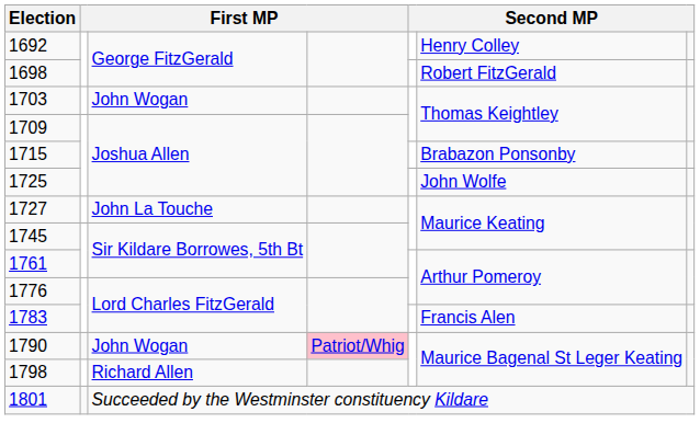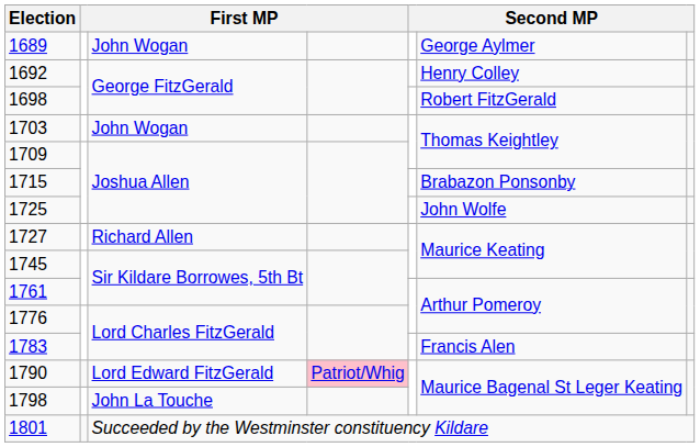 <table class="wikitable">
 <tr>
 <th>Election</th>
 <th colspan=3>First MP</th>
 <th colspan=3>Second MP</th>
+</tr>
+<tr>
+<td><a href='#'>1689</a></td>
+<td style="background-color: white"></td>
+<td><a href='#'>John Wogan</a></td>
+<td></td>
+<td style="background-color: white"></td>
+<td><a href='#'>George Aylmer</a></td>
+<td></td>
 </tr>
 <tr>
 <td>1692</td>
 <td rowspan="2" style="background-color: white"></td>
 <td rowspan="2"><a href='#'>George FitzGerald</a></td>
 <td rowspan="2"></td>
 <td style="background-color: white"></td>
 <td><a href='#'>Henry Colley</a></td>
 <td></td>
 </tr>
 <tr>
 <td>1698</td>
 <td style="background-color: white"></td>
 <td><a href='#'>Robert FitzGerald</a></td>
 <td></td>
 </tr>
 <tr>
 <td>1703</td>
 <td style="background-color: white"></td>
 <td><a href='#'>John Wogan</a></td>
 <td></td>
 <td rowspan="2" style="background-color: white"></td>
 <td rowspan="2"><a href='#'>Thomas Keightley</a></td>
 <td rowspan="2"></td>
 </tr>
 <tr>
 <td>1709</td>
 <td rowspan="3" style="background-color: white"></td>
 <td rowspan="3"><a href='#'>Joshua Allen</a></td>
 <td rowspan="3"></td>
 </tr>
 <tr>
 <td>1715</td>
 <td style="background-color: white"></td>
 <td><a href='#'>Brabazon Ponsonby</a></td>
 <td></td>
 </tr>
 <tr>
 <td>1725</td>
 <td style="background-color: white"></td>
 <td><a href='#'>John Wolfe</a></td>
 <td></td>
 </tr>
 <tr>
 <td>1727</td>
 <td style="background-color: white"></td>
-<td><a href='#'>John La Touche</a></td>
+<td><a href='#'>Richard Allen</a></td>
 <td></td>
 <td rowspan="2" style="background-color: white"></td>
 <td rowspan="2"><a href='#'>Maurice Keating</a></td>
 <td rowspan="2"></td>
 </tr>
 <tr>
 <td>1745</td>
 <td rowspan="2" style="background-color: white"></td>
 <td rowspan="2"><a href='#'>Sir Kildare Borrowes, 5th Bt</a></td>
 <td rowspan="2"></td>
 </tr>
 <tr>
 <td><a href='#'>1761</a></td>
 <td rowspan="2" style="background-color: white"></td>
 <td rowspan="2"><a href='#'>Arthur Pomeroy</a></td>
 <td rowspan="2"></td>
 </tr>
 <tr>
 <td>1776</td>
 <td rowspan="2" style="background-color: white"></td>
 <td rowspan="2"><a href='#'>Lord Charles FitzGerald</a></td>
 <td rowspan="2"></td>
 </tr>
 <tr>
 <td><a href='#'>1783</a></td>
 <td style="background-color: white"></td>
 <td><a href='#'>Francis Alen</a></td>
 <td></td>
 </tr>
 <tr>
 <td>1790</td>
 <td style="background-color: "></td>
-<td><a href='#'>John Wogan</a></td>
+<td><a href='#'>Lord Edward FitzGerald</a></td>
 <td style="background: pink;"><a href='#'>Patriot/Whig</a></td>
 <td rowspan="2" style="background-color: white"></td>
 <td rowspan="2"><a href='#'>Maurice Bagenal St Leger Keating</a></td>
 <td rowspan="2"></td>
 </tr>
 <tr>
 <td>1798</td>
 <td style="background-color: white"></td>
-<td><a href='#'>Richard Allen</a></td>
+<td><a href='#'>John La Touche</a></td>
 <td></td>
 </tr>
 <tr>
 <td><a href='#'>1801</a></td>
 <td></td>
 <td colspan="5"><em>Succeeded by the Westminster constituency <a href='#'>Kildare</a></em></td>
 </tr>
 </table>
